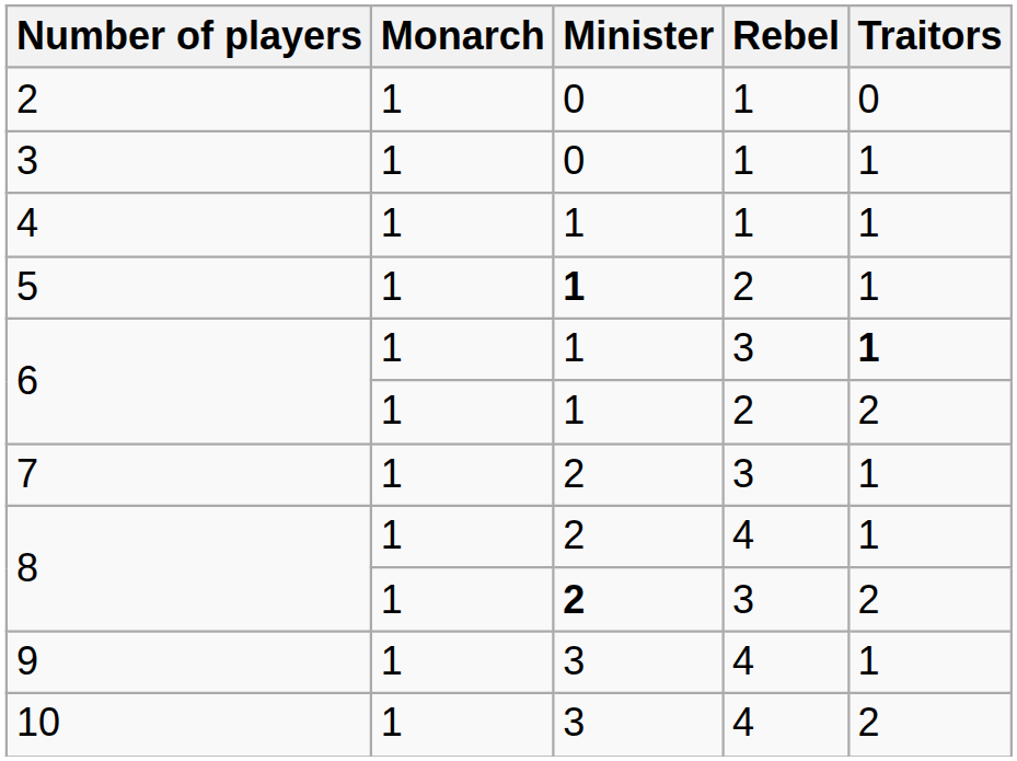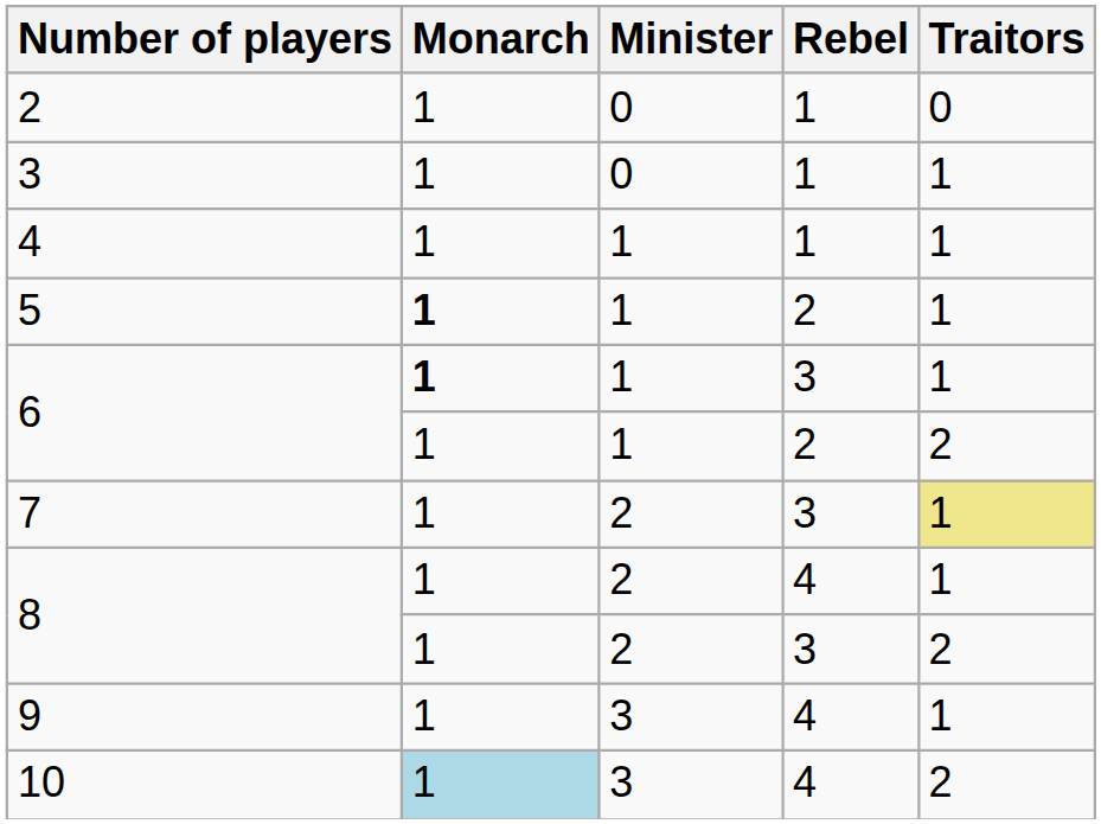 <table align=right class="wikitable">
 <tr>
 <th>Number of players</th>
 <th>Monarch</th>
 <th>Minister</th>
 <th>Rebel</th>
 <th>Traitors</th>
 </tr>
 <tr>
 <td>2</td>
 <td>1</td>
 <td>0</td>
 <td>1</td>
 <td>0</td>
 </tr>
 <tr>
 <td>3</td>
 <td>1</td>
 <td>0</td>
 <td>1</td>
 <td>1</td>
 </tr>
 <tr>
 <td>4</td>
 <td>1</td>
 <td>1</td>
 <td>1</td>
 <td>1</td>
 </tr>
 <tr>
 <td>5</td>
+<td><strong>1</strong></td>
 <td>1</td>
-<td><strong>1</strong></td>
 <td>2</td>
 <td>1</td>
 </tr>
 <tr>
 <td rowspan=2>6</td>
-<td>1</td>
+<td><strong>1</strong></td>
 <td>1</td>
 <td>3</td>
-<td><strong>1</strong></td>
+<td>1</td>
 </tr>
 <tr>
 <td>1</td>
 <td>1</td>
 <td>2</td>
 <td>2</td>
 </tr>
 <tr>
 <td>7</td>
 <td>1</td>
 <td>2</td>
 <td>3</td>
-<td>1</td>
+<td style="background: khaki;">1</td>
 </tr>
 <tr>
 <td rowspan=2>8</td>
 <td>1</td>
 <td>2</td>
 <td>4</td>
 <td>1</td>
 </tr>
 <tr>
 <td>1</td>
-<td><strong>2</strong></td>
+<td>2</td>
 <td>3</td>
 <td>2</td>
 </tr>
 <tr>
 <td>9</td>
 <td>1</td>
 <td>3</td>
 <td>4</td>
 <td>1</td>
 </tr>
 <tr>
 <td>10</td>
-<td>1</td>
+<td style="background: lightblue;">1</td>
 <td>3</td>
 <td>4</td>
 <td>2</td>
 </tr>
 </table>
